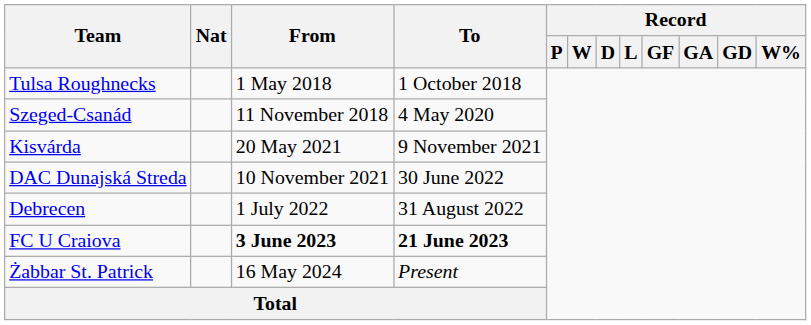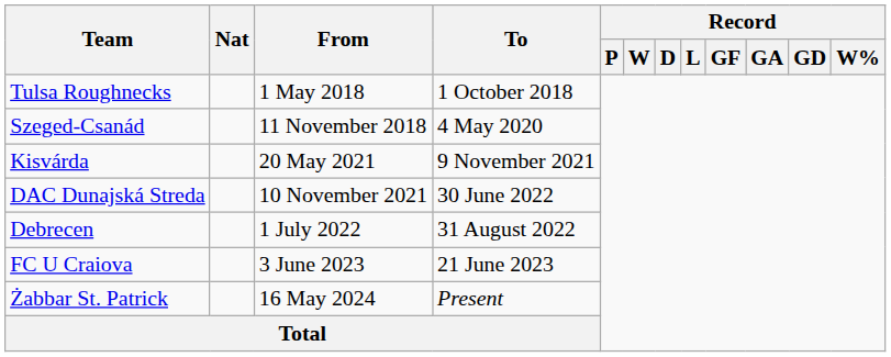 <table class="wikitable" style="text-align:center">
 <tr>
 <th rowspan="2">Team</th>
 <th rowspan="2">Nat</th>
 <th rowspan="2">From</th>
 <th rowspan="2">To</th>
 <th colspan="8">Record</th>
 </tr>
 <tr>
 <th>P</th>
 <th>W</th>
 <th>D</th>
 <th>L</th>
 <th>GF</th>
 <th>GA</th>
 <th>GD</th>
 <th>W%</th>
 </tr>
 <tr>
 <td align=left><a href='#'>Tulsa Roughnecks</a></td>
 <td></td>
 <td align=left>1 May 2018</td>
 <td align=left>1 October 2018<br></td>
 </tr>
 <tr>
 <td align=left><a href='#'>Szeged-Csanád</a></td>
 <td></td>
 <td align=left>11 November 2018</td>
 <td align=left>4 May 2020<br></td>
 </tr>
 <tr>
 <td align=left><a href='#'>Kisvárda</a></td>
 <td></td>
 <td align=left>20 May 2021</td>
 <td align=left>9 November 2021<br></td>
 </tr>
 <tr>
 <td align=left><a href='#'>DAC Dunajská Streda</a></td>
 <td></td>
 <td align=left>10 November 2021</td>
 <td align=left>30 June 2022<br></td>
 </tr>
 <tr>
 <td align=left><a href='#'>Debrecen</a></td>
 <td></td>
 <td align=left>1 July 2022</td>
 <td align=left>31 August 2022<br></td>
 </tr>
 <tr>
 <td align=left><a href='#'>FC U Craiova</a></td>
 <td></td>
-<td align=left><strong>3 June 2023</strong></td>
-<td align=left><strong>21 June 2023<br></strong></td>
+<td align=left>3 June 2023</td>
+<td align=left>21 June 2023<br></td>
 </tr>
 <tr>
 <td align=left><a href='#'>Żabbar St. Patrick</a></td>
 <td></td>
 <td align=left>16 May 2024</td>
 <td align=left><em>Present</em><br></td>
 </tr>
 <tr>
 <th colspan="4">Total<br></th>
 </tr>
 </table>
